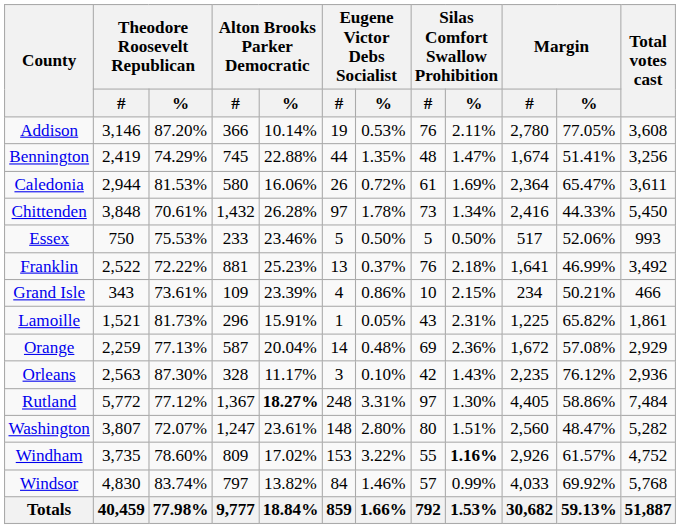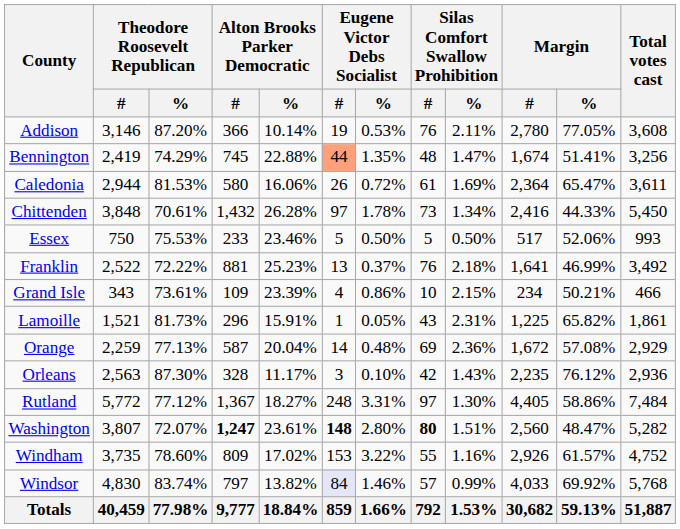 <table width="70%"  class="wikitable sortable" style="text-align:center">
 <tr>
 <th colspan="1" rowspan="2">County</th>
 <th style="text-align:center;" colspan="2">Theodore Roosevelt<br>Republican</th>
 <th style="text-align:center;" colspan="2">Alton Brooks Parker<br>Democratic</th>
 <th style="text-align:center;" colspan="2">Eugene Victor Debs<br>Socialist</th>
 <th style="text-align:center;" colspan="2">Silas Comfort Swallow<br>Prohibition</th>
 <th style="text-align:center;" colspan="2">Margin</th>
 <th colspan="1" rowspan="2" style="text-align:center;">Total votes cast</th>
 </tr>
 <tr>
 <th style="text-align:center;" data-sort-type="number">#</th>
 <th style="text-align:center;" data-sort-type="number">%</th>
 <th style="text-align:center;" data-sort-type="number">#</th>
 <th style="text-align:center;" data-sort-type="number">%</th>
 <th style="text-align:center;" data-sort-type="number">#</th>
 <th style="text-align:center;" data-sort-type="number">%</th>
 <th style="text-align:center;" data-sort-type="number">#</th>
 <th style="text-align:center;" data-sort-type="number">%</th>
 <th style="text-align:center;" data-sort-type="number">#</th>
 <th style="text-align:center;" data-sort-type="number">%</th>
 </tr>
 <tr style="text-align:center;">
 <td><a href='#'>Addison</a></td>
 <td>3,146</td>
 <td>87.20%</td>
 <td>366</td>
 <td>10.14%</td>
 <td>19</td>
 <td>0.53%</td>
 <td>76</td>
 <td>2.11%</td>
 <td>2,780</td>
 <td>77.05%</td>
 <td>3,608</td>
 </tr>
 <tr style="text-align:center;">
 <td><a href='#'>Bennington</a></td>
 <td>2,419</td>
 <td>74.29%</td>
 <td>745</td>
 <td>22.88%</td>
-<td>44</td>
+<td style="background: lightsalmon;">44</td>
 <td>1.35%</td>
 <td>48</td>
 <td>1.47%</td>
 <td>1,674</td>
 <td>51.41%</td>
 <td>3,256</td>
 </tr>
 <tr style="text-align:center;">
 <td><a href='#'>Caledonia</a></td>
 <td>2,944</td>
 <td>81.53%</td>
 <td>580</td>
 <td>16.06%</td>
 <td>26</td>
 <td>0.72%</td>
 <td>61</td>
 <td>1.69%</td>
 <td>2,364</td>
 <td>65.47%</td>
 <td>3,611</td>
 </tr>
 <tr style="text-align:center;">
 <td><a href='#'>Chittenden</a></td>
 <td>3,848</td>
 <td>70.61%</td>
 <td>1,432</td>
 <td>26.28%</td>
 <td>97</td>
 <td>1.78%</td>
 <td>73</td>
 <td>1.34%</td>
 <td>2,416</td>
 <td>44.33%</td>
 <td>5,450</td>
 </tr>
 <tr style="text-align:center;">
 <td><a href='#'>Essex</a></td>
 <td>750</td>
 <td>75.53%</td>
 <td>233</td>
 <td>23.46%</td>
 <td>5</td>
 <td>0.50%</td>
 <td>5</td>
 <td>0.50%</td>
 <td>517</td>
 <td>52.06%</td>
 <td>993</td>
 </tr>
 <tr style="text-align:center;">
 <td><a href='#'>Franklin</a></td>
 <td>2,522</td>
 <td>72.22%</td>
 <td>881</td>
 <td>25.23%</td>
 <td>13</td>
 <td>0.37%</td>
 <td>76</td>
 <td>2.18%</td>
 <td>1,641</td>
 <td>46.99%</td>
 <td>3,492</td>
 </tr>
 <tr style="text-align:center;">
 <td><a href='#'>Grand Isle</a></td>
 <td>343</td>
 <td>73.61%</td>
 <td>109</td>
 <td>23.39%</td>
 <td>4</td>
 <td>0.86%</td>
 <td>10</td>
 <td>2.15%</td>
 <td>234</td>
 <td>50.21%</td>
 <td>466</td>
 </tr>
 <tr style="text-align:center;">
 <td><a href='#'>Lamoille</a></td>
 <td>1,521</td>
 <td>81.73%</td>
 <td>296</td>
 <td>15.91%</td>
 <td>1</td>
 <td>0.05%</td>
 <td>43</td>
 <td>2.31%</td>
 <td>1,225</td>
 <td>65.82%</td>
 <td>1,861</td>
 </tr>
 <tr style="text-align:center;">
 <td><a href='#'>Orange</a></td>
 <td>2,259</td>
 <td>77.13%</td>
 <td>587</td>
 <td>20.04%</td>
 <td>14</td>
 <td>0.48%</td>
 <td>69</td>
 <td>2.36%</td>
 <td>1,672</td>
 <td>57.08%</td>
 <td>2,929</td>
 </tr>
 <tr style="text-align:center;">
 <td><a href='#'>Orleans</a></td>
 <td>2,563</td>
 <td>87.30%</td>
 <td>328</td>
 <td>11.17%</td>
 <td>3</td>
 <td>0.10%</td>
 <td>42</td>
 <td>1.43%</td>
 <td>2,235</td>
 <td>76.12%</td>
 <td>2,936</td>
 </tr>
 <tr style="text-align:center;">
 <td><a href='#'>Rutland</a></td>
 <td>5,772</td>
 <td>77.12%</td>
 <td>1,367</td>
-<td><strong>18.27%</strong></td>
+<td>18.27%</td>
 <td>248</td>
 <td>3.31%</td>
 <td>97</td>
 <td>1.30%</td>
 <td>4,405</td>
 <td>58.86%</td>
 <td>7,484</td>
 </tr>
 <tr style="text-align:center;">
 <td><a href='#'>Washington</a></td>
 <td>3,807</td>
 <td>72.07%</td>
-<td>1,247</td>
+<td><strong>1,247</strong></td>
 <td>23.61%</td>
-<td>148</td>
+<td><strong>148</strong></td>
 <td>2.80%</td>
-<td>80</td>
+<td><strong>80</strong></td>
 <td>1.51%</td>
 <td>2,560</td>
 <td>48.47%</td>
 <td>5,282</td>
 </tr>
 <tr style="text-align:center;">
 <td><a href='#'>Windham</a></td>
 <td>3,735</td>
 <td>78.60%</td>
 <td>809</td>
 <td>17.02%</td>
 <td>153</td>
 <td>3.22%</td>
 <td>55</td>
-<td><strong>1.16%</strong></td>
+<td>1.16%</td>
 <td>2,926</td>
 <td>61.57%</td>
 <td>4,752</td>
 </tr>
 <tr style="text-align:center;">
 <td><a href='#'>Windsor</a></td>
 <td>4,830</td>
 <td>83.74%</td>
 <td>797</td>
 <td>13.82%</td>
-<td>84</td>
+<td style="background: lavender;">84</td>
 <td>1.46%</td>
 <td>57</td>
 <td>0.99%</td>
 <td>4,033</td>
 <td>69.92%</td>
 <td>5,768</td>
 </tr>
 <tr style="text-align:center;">
 <th>Totals</th>
 <th>40,459</th>
 <th>77.98%</th>
 <th>9,777</th>
 <th>18.84%</th>
 <th>859</th>
 <th>1.66%</th>
 <th>792</th>
 <th>1.53%</th>
 <th>30,682</th>
 <th>59.13%</th>
 <th>51,887</th>
 </tr>
 </table>
